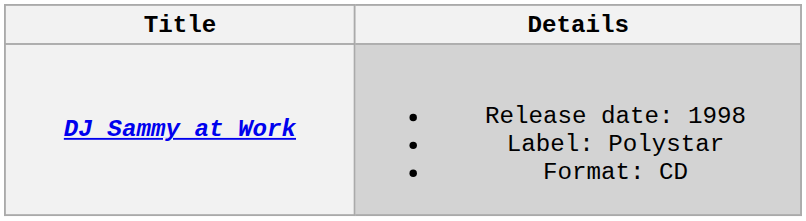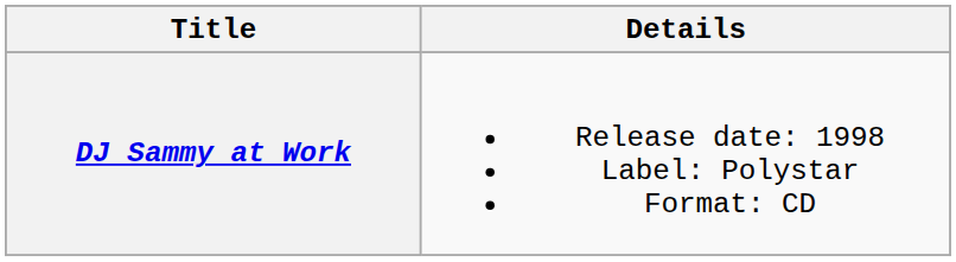 <table class="wikitable plainrowheaders" style="text-align:center;">
 <tr>
 <th style="width:14em;">Title</th>
 <th style="width:18em;">Details</th>
 </tr>
 <tr>
 <th scope="row"><em><a href='#'>DJ Sammy at Work</a></em></th>
-<td style="background: lightgrey;"><br><ul><li>Release date: 1998</li><li>Label: Polystar</li><li>Format: CD</li></ul></td>
+<td><br><ul><li>Release date: 1998</li><li>Label: Polystar</li><li>Format: CD</li></ul></td>
 </tr>
 </table>
